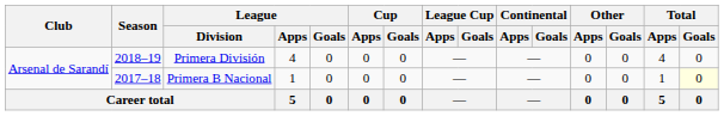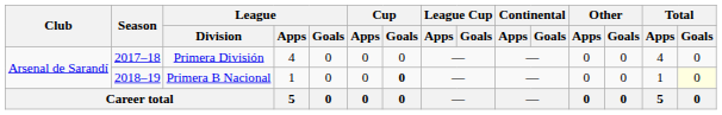 <table class="wikitable" style="text-align:center">
 <tr>
 <th rowspan="2">Club</th>
 <th rowspan="2">Season</th>
 <th colspan="3">League</th>
 <th colspan="2">Cup</th>
 <th colspan="2">League Cup</th>
 <th colspan="2">Continental</th>
 <th colspan="2">Other</th>
 <th colspan="2">Total</th>
 </tr>
 <tr>
 <th>Division</th>
 <th>Apps</th>
 <th>Goals</th>
 <th>Apps</th>
 <th>Goals</th>
 <th>Apps</th>
 <th>Goals</th>
 <th>Apps</th>
 <th>Goals</th>
 <th>Apps</th>
 <th>Goals</th>
 <th>Apps</th>
 <th>Goals</th>
 </tr>
 <tr>
 <td rowspan="2"><a href='#'>Arsenal de Sarandí</a></td>
-<td><a href='#'>2018–19</a></td>
+<td><a href='#'>2017–18</a></td>
 <td rowspan="1"><a href='#'>Primera División</a></td>
 <td>4</td>
 <td>0</td>
 <td>0</td>
 <td>0</td>
 <td colspan="2">—</td>
 <td colspan="2">—</td>
 <td>0</td>
 <td>0</td>
 <td>4</td>
 <td>0</td>
 </tr>
 <tr>
-<td><a href='#'>2017–18</a></td>
+<td><a href='#'>2018–19</a></td>
 <td rowspan="1"><a href='#'>Primera B Nacional</a></td>
 <td>1</td>
 <td>0</td>
 <td>0</td>
-<td>0</td>
+<td><strong>0</strong></td>
 <td colspan="2">—</td>
 <td colspan="2">—</td>
 <td>0</td>
 <td>0</td>
 <td>1</td>
 <td style="background: lightyellow;">0</td>
 </tr>
 <tr>
 <th colspan="3">Career total</th>
 <th>5</th>
 <th>0</th>
 <th>0</th>
 <th>0</th>
 <th colspan="2">—</th>
 <th colspan="2">—</th>
 <th>0</th>
 <th>0</th>
 <th>5</th>
 <th>0</th>
 </tr>
 </table>
